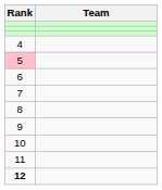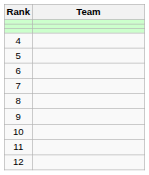 <table class=wikitable style="text-align:center;">
 <tr>
 <th>Rank</th>
 <th width=180>Team</th>
 </tr>
 <tr bgcolor=#CCFFCC>
 <td></td>
 <td align=left></td>
 </tr>
 <tr bgcolor=#CCFFCC>
 <td></td>
 <td align=left></td>
 </tr>
 <tr bgcolor=#CCFFCC>
 <td></td>
 <td align=left></td>
 </tr>
 <tr>
 <td>4</td>
 <td align=left></td>
 </tr>
 <tr>
-<td style="background: pink;">5</td>
+<td>5</td>
 <td align=left></td>
 </tr>
 <tr>
 <td>6</td>
 <td align=left></td>
 </tr>
 <tr>
 <td>7</td>
 <td align=left></td>
 </tr>
 <tr>
 <td>8</td>
 <td align=left></td>
 </tr>
 <tr>
 <td>9</td>
 <td align=left></td>
 </tr>
 <tr>
 <td>10</td>
 <td align=left></td>
 </tr>
 <tr>
 <td>11</td>
 <td align=left></td>
 </tr>
 <tr>
-<td><strong>12</strong></td>
+<td>12</td>
 <td align=left></td>
 </tr>
 </table>
